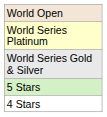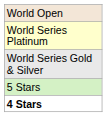 <table class=wikitable style=font-size:89%;width:15%>
 <tr style="background:#F3E6D7;">
 <td>World Open</td>
 </tr>
 <tr style="background:#ffc;">
 <td>World Series Platinum</td>
 </tr>
 <tr style="background:#E9E9E9;">
 <td>World Series Gold & Silver</td>
 </tr>
 <tr style="background:#D4F1C5;">
 <td>5 Stars</td>
 </tr>
 <tr style="background:#fff;">
-<td>4 Stars</td>
+<td><strong>4 Stars</strong></td>
 </tr>
 </table>
